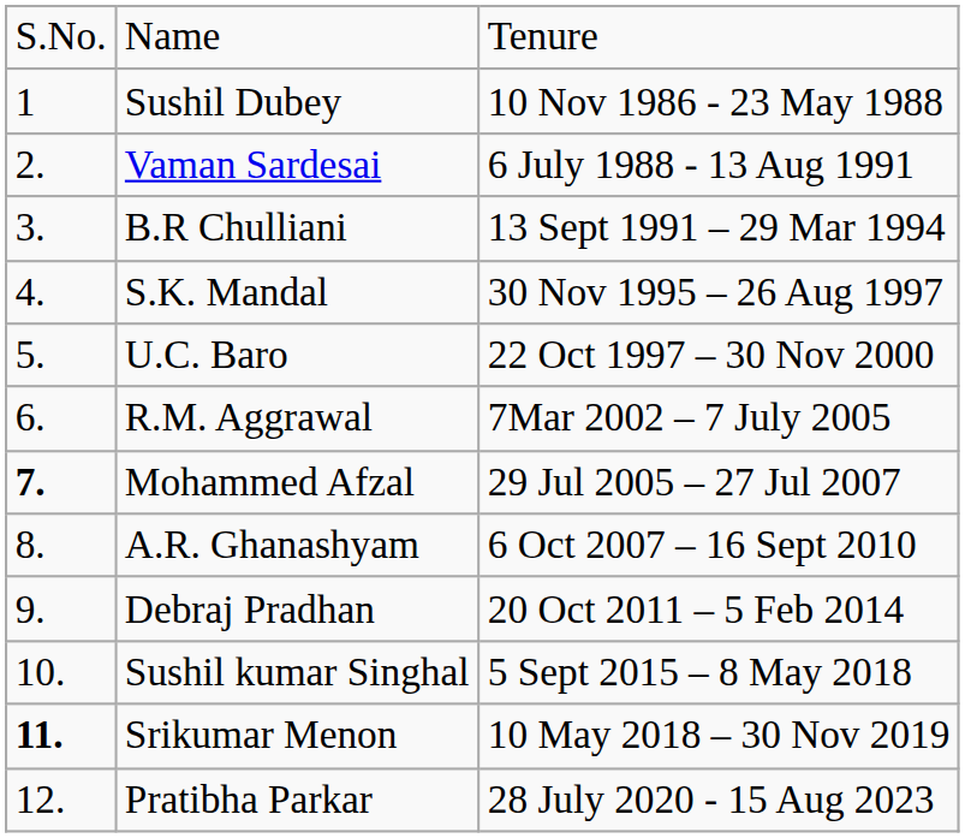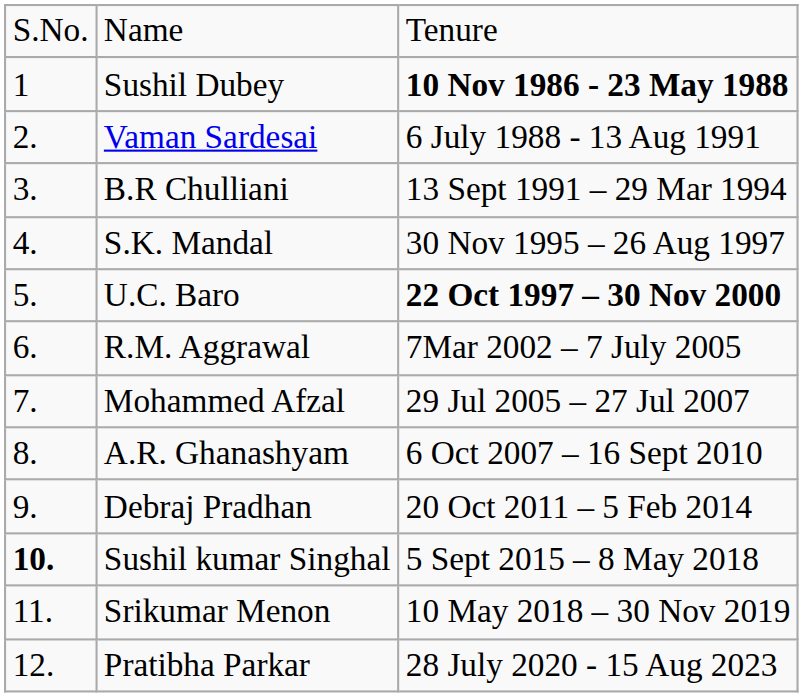 <table class="wikitable">
 <tr>
 <td>S.No.</td>
 <td>Name</td>
 <td>Tenure</td>
 </tr>
 <tr>
 <td>1</td>
 <td>Sushil Dubey</td>
-<td>10 Nov 1986 - 23 May 1988</td>
+<td><strong>10 Nov 1986 - 23 May 1988</strong></td>
 </tr>
 <tr>
 <td>2.</td>
 <td><a href='#'>Vaman Sardesai</a></td>
 <td>6 July 1988 - 13 Aug 1991</td>
 </tr>
 <tr>
 <td>3.</td>
 <td>B.R Chulliani</td>
 <td>13 Sept 1991 – 29 Mar 1994</td>
 </tr>
 <tr>
 <td>4.</td>
 <td>S.K. Mandal</td>
 <td>30 Nov 1995 – 26 Aug 1997</td>
 </tr>
 <tr>
 <td>5.</td>
 <td>U.C. Baro</td>
-<td>22 Oct 1997 – 30 Nov 2000</td>
+<td><strong>22 Oct 1997 – 30 Nov 2000</strong></td>
 </tr>
 <tr>
 <td>6.</td>
 <td>R.M. Aggrawal</td>
 <td>7Mar 2002 – 7 July 2005</td>
 </tr>
 <tr>
-<td><strong>7.</strong></td>
+<td>7.</td>
 <td>Mohammed Afzal</td>
 <td>29 Jul 2005 – 27 Jul 2007</td>
 </tr>
 <tr>
 <td>8.</td>
 <td>A.R. Ghanashyam</td>
 <td>6 Oct 2007 – 16 Sept 2010</td>
 </tr>
 <tr>
 <td>9.</td>
 <td>Debraj Pradhan</td>
 <td>20 Oct 2011 – 5 Feb 2014</td>
 </tr>
 <tr>
-<td>10.</td>
+<td><strong>10.</strong></td>
 <td>Sushil kumar Singhal</td>
 <td>5 Sept 2015 – 8 May 2018</td>
 </tr>
 <tr>
-<td><strong>11.</strong></td>
+<td>11.</td>
 <td>Srikumar Menon</td>
 <td>10 May 2018 – 30 Nov 2019</td>
 </tr>
 <tr>
 <td>12.</td>
 <td>Pratibha Parkar</td>
 <td>28 July 2020 - 15 Aug 2023</td>
 </tr>
 </table>
